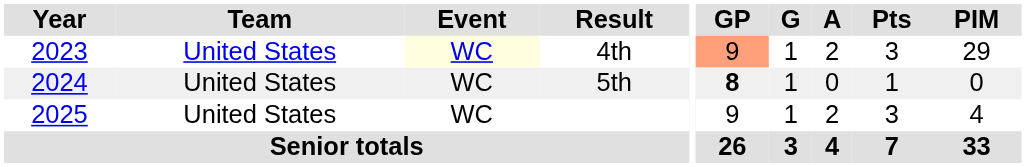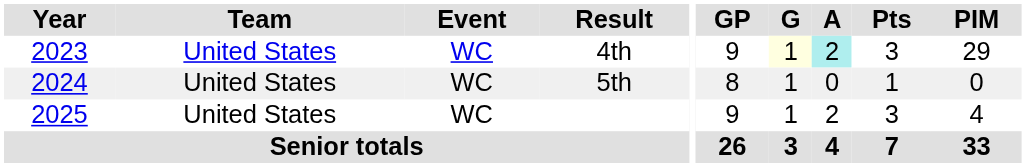 <table border="0" cellpadding="1" cellspacing="0" ID="Table3" style="text-align:center; width:40em">
 <tr ALIGN="center" bgcolor="#e0e0e0">
 <th>Year</th>
 <th>Team</th>
 <th>Event</th>
 <th>Result</th>
 <th rowspan="99" bgcolor="#ffffff"></th>
 <th>GP</th>
 <th>G</th>
 <th>A</th>
 <th>Pts</th>
 <th>PIM</th>
 </tr>
 <tr>
 <td><a href='#'>2023</a></td>
 <td><a href='#'>United States</a></td>
-<td style="background: lightyellow;"><a href='#'>WC</a></td>
+<td><a href='#'>WC</a></td>
 <td>4th</td>
-<td style="background: lightsalmon;">9</td>
-<td>1</td>
-<td>2</td>
+<td>9</td>
+<td style="background: lightyellow;">1</td>
+<td style="background: paleturquoise;">2</td>
 <td>3</td>
 <td>29</td>
 </tr>
 <tr bgcolor="#f0f0f0">
 <td><a href='#'>2024</a></td>
 <td>United States</td>
 <td>WC</td>
 <td>5th</td>
-<td><strong>8</strong></td>
+<td>8</td>
 <td>1</td>
 <td>0</td>
 <td>1</td>
 <td>0</td>
 </tr>
 <tr>
 <td><a href='#'>2025</a></td>
 <td>United States</td>
 <td>WC</td>
 <td></td>
 <td>9</td>
 <td>1</td>
 <td>2</td>
 <td>3</td>
 <td>4</td>
 </tr>
 <tr bgcolor="#e0e0e0">
 <th colspan="4">Senior totals</th>
 <th>26</th>
 <th>3</th>
 <th>4</th>
 <th>7</th>
 <th>33</th>
 </tr>
 </table>
